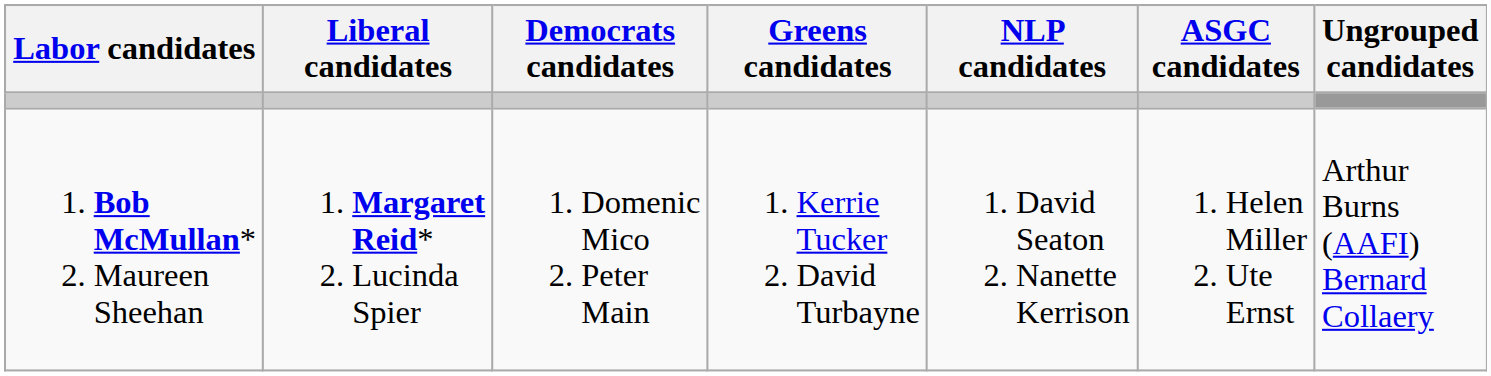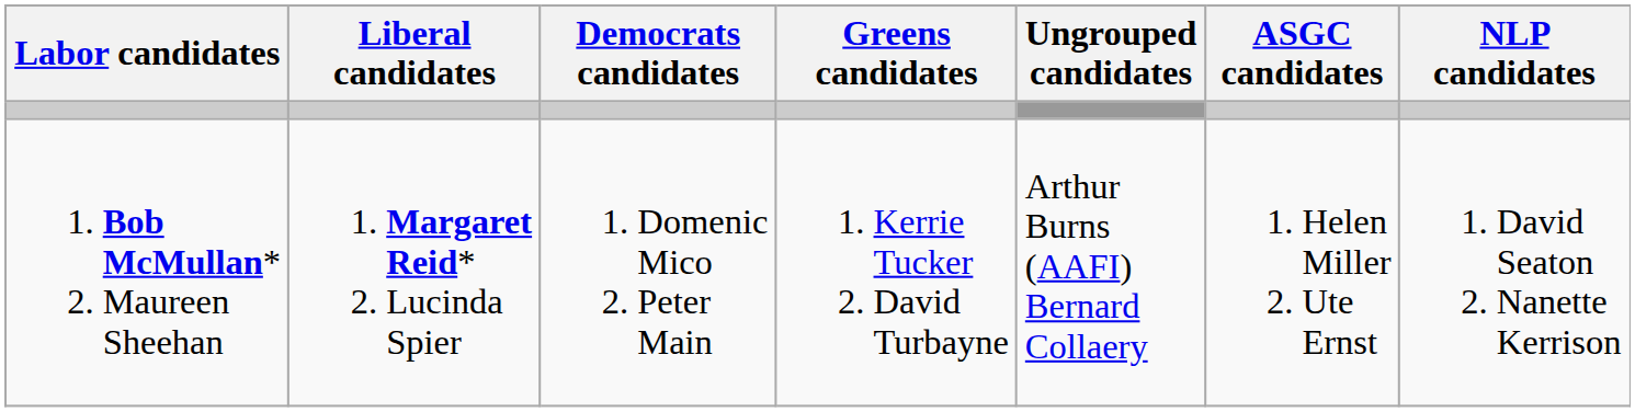 <table class="wikitable">
 <tr>
 <th><a href='#'>Labor</a> candidates</th>
 <th><a href='#'>Liberal</a> candidates</th>
 <th><a href='#'>Democrats</a> candidates</th>
 <th><a href='#'>Greens</a> candidates</th>
+<th>Ungrouped candidates</th>
+<th><a href='#'>ASGC</a> candidates</th>
 <th><a href='#'>NLP</a> candidates</th>
-<th><a href='#'>ASGC</a> candidates</th>
-<th>Ungrouped candidates</th>
 </tr>
 <tr bgcolor="#cccccc">
 <td></td>
 <td></td>
 <td></td>
 <td></td>
+<td bgcolor="#999999"></td>
 <td></td>
 <td></td>
-<td bgcolor="#999999"></td>
 </tr>
 <tr>
 <td><br><ol><li><strong><a href='#'>Bob McMullan</a></strong>*</li><li>Maureen Sheehan</li></ol></td>
 <td><br><ol><li><strong><a href='#'>Margaret Reid</a></strong>*</li><li>Lucinda Spier</li></ol></td>
 <td valign=top><br><ol><li>Domenic Mico</li><li>Peter Main</li></ol></td>
 <td valign=top><br><ol><li><a href='#'>Kerrie Tucker</a></li><li>David Turbayne</li></ol></td>
+<td valign=top><br>Arthur Burns (<a href='#'>AAFI</a>)<br> <a href='#'>Bernard Collaery</a></td>
+<td valign=top><br><ol><li>Helen Miller</li><li>Ute Ernst</li></ol></td>
 <td valign=top><br><ol><li>David Seaton</li><li>Nanette Kerrison</li></ol></td>
-<td valign=top><br><ol><li>Helen Miller</li><li>Ute Ernst</li></ol></td>
-<td valign=top><br>Arthur Burns (<a href='#'>AAFI</a>)<br> <a href='#'>Bernard Collaery</a></td>
 </tr>
 </table>
